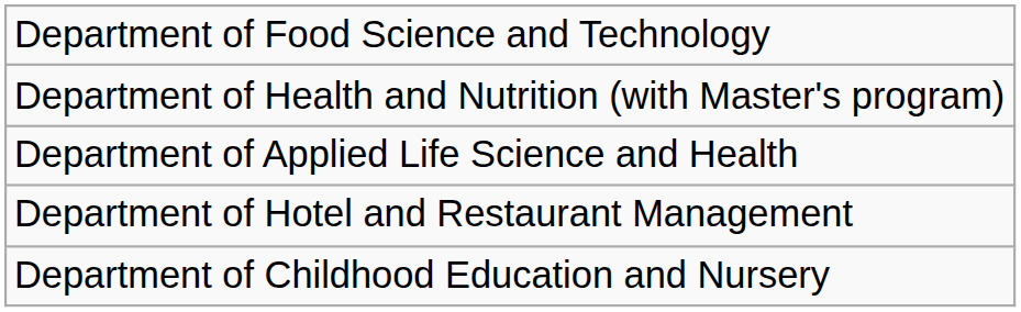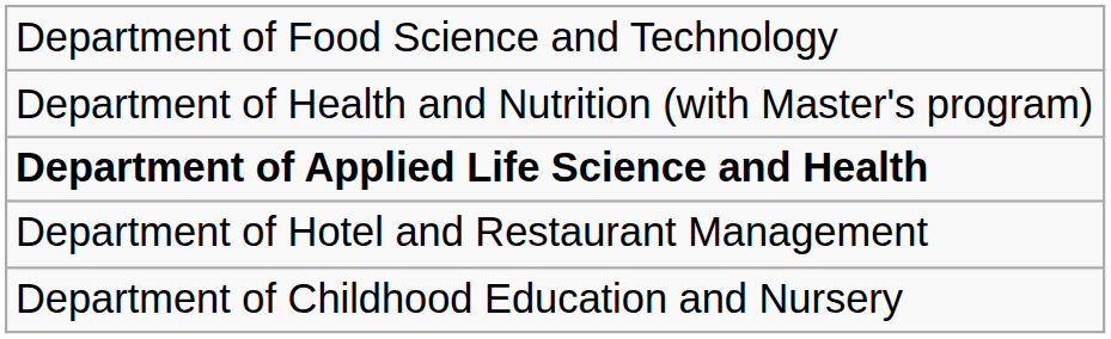 <table class="wikitable">
 <tr>
 <td>Department of Food Science and Technology</td>
 </tr>
 <tr>
 <td>Department of Health and Nutrition (with Master's program)</td>
 </tr>
 <tr>
-<td>Department of Applied Life Science and Health</td>
+<td><strong>Department of Applied Life Science and Health</strong></td>
 </tr>
 <tr>
 <td>Department of Hotel and Restaurant Management</td>
 </tr>
 <tr>
 <td>Department of Childhood Education and Nursery</td>
 </tr>
 </table>
